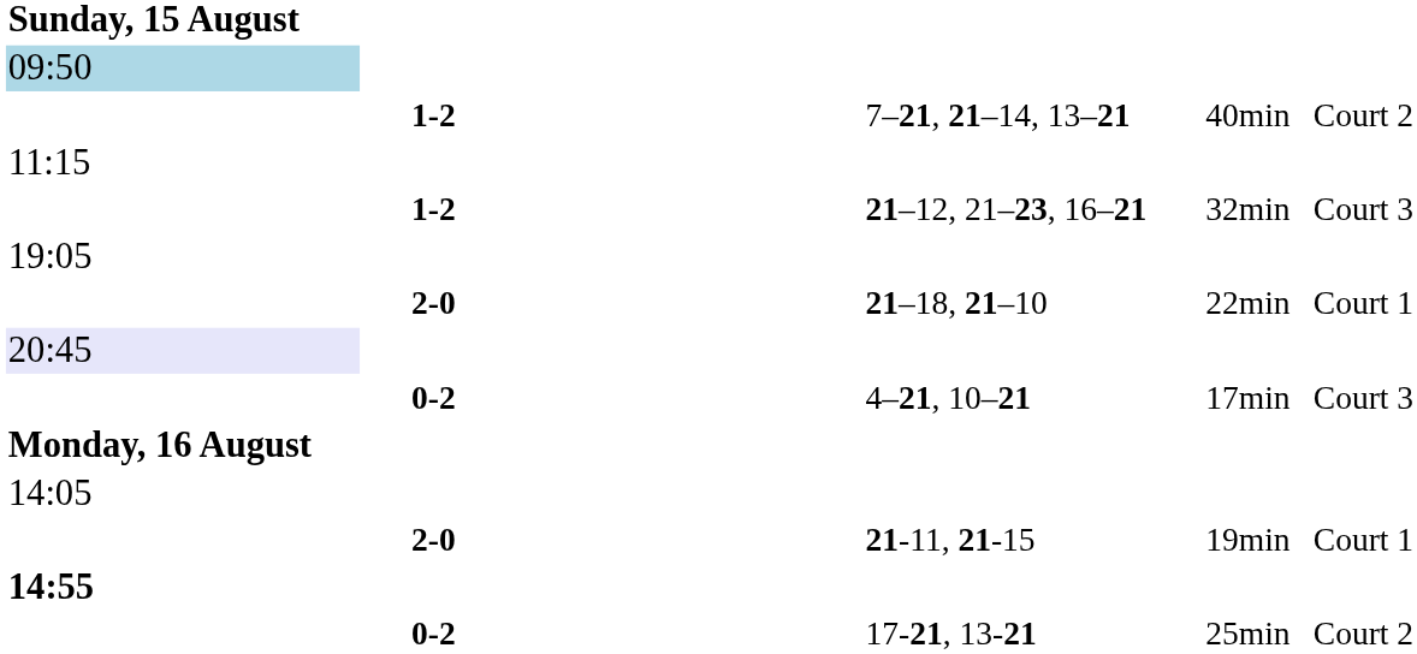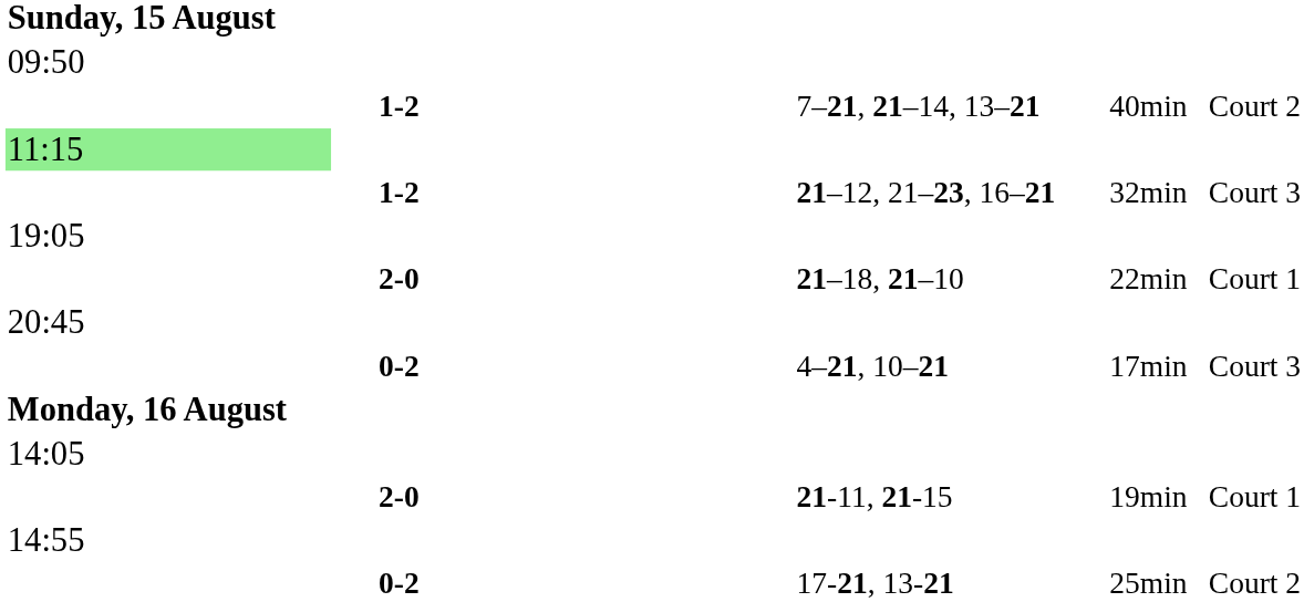 <table style="width:100%;" cellspacing="1">
 <tr>
 <th width=25%></th>
 <th width=10%></th>
 <th width=25%></th>
 </tr>
 <tr>
 <td><strong>Sunday, 15 August</strong></td>
 </tr>
 <tr>
-<td style="background: lightblue;">09:50</td>
+<td>09:50</td>
 </tr>
 <tr style=font-size:90%>
 <td align=right></td>
 <td align=center><strong> 1-2 </strong></td>
 <td><strong></strong></td>
 <td>7–<strong>21</strong>, <strong>21</strong>–14, 13–<strong>21</strong></td>
 <td>40min</td>
 <td>Court 2</td>
 </tr>
 <tr>
-<td>11:15</td>
+<td style="background: lightgreen;">11:15</td>
 </tr>
 <tr style=font-size:90%>
 <td align=right></td>
 <td align=center><strong> 1-2 </strong></td>
 <td><strong></strong></td>
 <td><strong>21</strong>–12, 21–<strong>23</strong>, 16–<strong>21</strong></td>
 <td>32min</td>
 <td>Court 3</td>
 </tr>
 <tr>
 <td>19:05</td>
 </tr>
 <tr style=font-size:90%>
 <td align=right><strong></strong></td>
 <td align=center><strong> 2-0 </strong></td>
 <td></td>
 <td><strong>21</strong>–18, <strong>21</strong>–10</td>
 <td>22min</td>
 <td>Court 1</td>
 </tr>
 <tr>
-<td style="background: lavender;">20:45</td>
+<td>20:45</td>
 </tr>
 <tr style=font-size:90%>
 <td align=right></td>
 <td align=center><strong> 0-2 </strong></td>
 <td><strong></strong></td>
 <td>4–<strong>21</strong>, 10–<strong>21</strong></td>
 <td>17min</td>
 <td>Court 3</td>
 </tr>
 <tr>
 <td><strong>Monday, 16 August</strong></td>
 </tr>
 <tr>
 <td>14:05</td>
 </tr>
 <tr style=font-size:90%>
 <td align=right><strong></strong></td>
 <td align=center><strong> 2-0 </strong></td>
 <td></td>
 <td><strong>21</strong>-11, <strong>21</strong>-15</td>
 <td>19min</td>
 <td>Court 1</td>
 </tr>
 <tr>
-<td><strong>14:55</strong></td>
+<td>14:55</td>
 </tr>
 <tr style=font-size:90%>
 <td align=right></td>
 <td align=center><strong> 0-2 </strong></td>
 <td><strong></strong></td>
 <td>17-<strong>21</strong>, 13-<strong>21</strong></td>
 <td>25min</td>
 <td>Court 2</td>
 </tr>
 </table>
